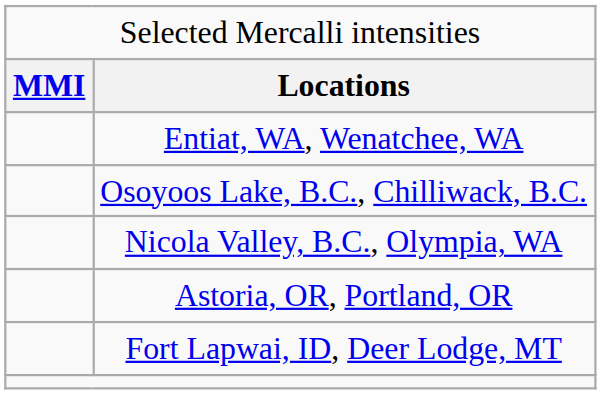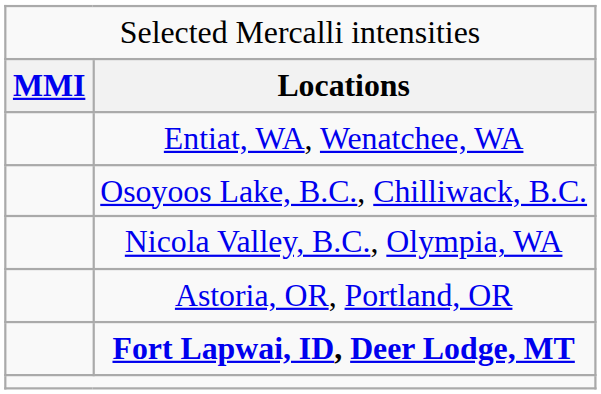 <table class="wikitable" style="float: right; text-align: center; font-size:90%;">
 <tr>
 <td colspan="2" style="text-align: center;">Selected Mercalli intensities</td>
 </tr>
 <tr>
 <th><a href='#'>MMI</a></th>
 <th>Locations</th>
 </tr>
 <tr>
 <td></td>
 <td><a href='#'>Entiat, WA</a>, <a href='#'>Wenatchee, WA</a></td>
 </tr>
 <tr>
 <td></td>
 <td><a href='#'>Osoyoos Lake, B.C.</a>, <a href='#'>Chilliwack, B.C.</a></td>
 </tr>
 <tr>
 <td></td>
 <td><a href='#'>Nicola Valley, B.C.</a>, <a href='#'>Olympia, WA</a></td>
 </tr>
 <tr>
 <td></td>
 <td><a href='#'>Astoria, OR</a>, <a href='#'>Portland, OR</a></td>
 </tr>
 <tr>
 <td></td>
-<td><a href='#'>Fort Lapwai, ID</a>, <a href='#'>Deer Lodge, MT</a></td>
+<td><strong><a href='#'>Fort Lapwai, ID</a>, <a href='#'>Deer Lodge, MT</a></strong></td>
 </tr>
 <tr>
 <td colspan="3" style="text-align: center;"><small></small></td>
 </tr>
 </table>
